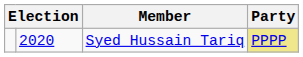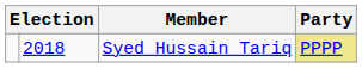 <table class="wikitable">
 <tr>
 <th colspan="2">Election</th>
 <th>Member</th>
 <th>Party</th>
 </tr>
 <tr>
 <td style="background-color: "></td>
-<td><a href='#'>2020</a></td>
+<td><a href='#'>2018</a></td>
 <td><a href='#'>Syed Hussain Tariq</a></td>
 <td style="background: khaki;"><a href='#'>PPPP</a></td>
 </tr>
 </table>
